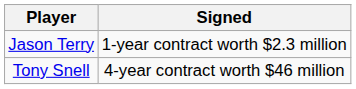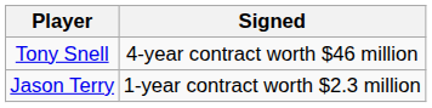 <table class="wikitable sortable sortable">
 <tr>
 <th>Player</th>
 <th>Signed</th>
 </tr>
 <tr style="text-align: center">
+<td><a href='#'>Tony Snell</a></td>
+<td>4-year contract worth $46 million</td>
+</tr>
+<tr style="text-align: center">
 <td><a href='#'>Jason Terry</a></td>
 <td>1-year contract worth $2.3 million</td>
 </tr>
-<tr style="text-align: center">
-<td><a href='#'>Tony Snell</a></td>
-<td>4-year contract worth $46 million</td>
-</tr>
 </table>
